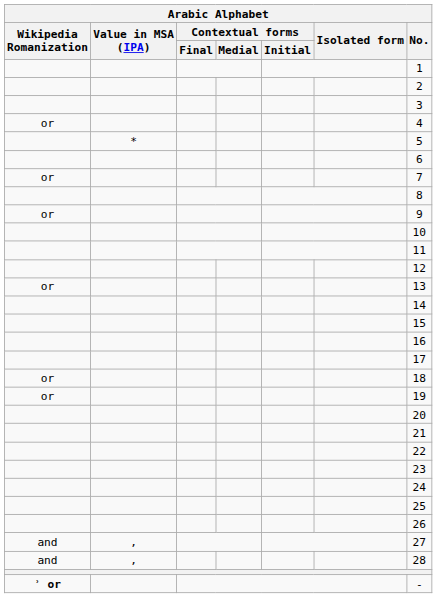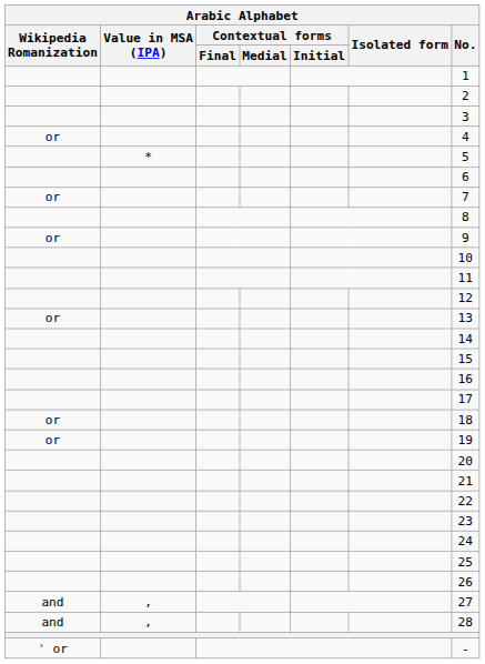 <table class="wikitable" style="text-align:center;">
 <tr>
 <th colspan="7">Arabic Alphabet</th>
 </tr>
 <tr>
 <th rowspan="2">Wikipedia<br>Romanization</th>
 <th rowspan="2">Value in MSA<br>(<a href='#'>IPA</a>)</th>
 <th colspan="3">Contextual forms</th>
 <th rowspan="2">Isolated form</th>
 <th rowspan="2">No.</th>
 </tr>
 <tr>
 <th>Final</th>
 <th>Medial</th>
 <th>Initial</th>
 </tr>
 <tr>
 <td></td>
 <td></td>
 <td colspan="2"></td>
 <td colspan="2"></td>
 <td data-sort-value="01.">1</td>
 </tr>
 <tr>
 <td></td>
 <td></td>
 <td></td>
 <td></td>
 <td></td>
 <td></td>
 <td data-sort-value="02.">2</td>
 </tr>
 <tr>
 <td></td>
 <td></td>
 <td></td>
 <td></td>
 <td></td>
 <td></td>
 <td data-sort-value="03.">3</td>
 </tr>
 <tr>
 <td> or </td>
 <td></td>
 <td></td>
 <td></td>
 <td></td>
 <td></td>
 <td data-sort-value="04.">4</td>
 </tr>
 <tr>
 <td></td>
 <td>*</td>
 <td></td>
 <td></td>
 <td></td>
 <td></td>
 <td data-sort-value="05.">5</td>
 </tr>
 <tr>
 <td></td>
 <td></td>
 <td></td>
 <td></td>
 <td></td>
 <td></td>
 <td data-sort-value="06.">6</td>
 </tr>
 <tr>
 <td> or </td>
 <td></td>
 <td></td>
 <td></td>
 <td></td>
 <td></td>
 <td data-sort-value="07.">7</td>
 </tr>
 <tr>
 <td></td>
 <td></td>
 <td colspan="2"></td>
 <td colspan="2"></td>
 <td data-sort-value="08.">8</td>
 </tr>
 <tr>
 <td> or </td>
 <td></td>
 <td colspan="2"></td>
 <td colspan="2"></td>
 <td data-sort-value="09.">9</td>
 </tr>
 <tr>
 <td></td>
 <td></td>
 <td colspan="2"></td>
 <td colspan="2"></td>
 <td>10</td>
 </tr>
 <tr>
 <td></td>
 <td></td>
 <td colspan="2"></td>
 <td colspan="2"></td>
 <td>11</td>
 </tr>
 <tr>
 <td></td>
 <td></td>
 <td></td>
 <td></td>
 <td></td>
 <td></td>
 <td>12</td>
 </tr>
 <tr>
 <td> or </td>
 <td></td>
 <td></td>
 <td></td>
 <td></td>
 <td></td>
 <td>13</td>
 </tr>
 <tr>
 <td></td>
 <td></td>
 <td></td>
 <td></td>
 <td></td>
 <td></td>
 <td>14</td>
 </tr>
 <tr>
 <td></td>
 <td></td>
 <td></td>
 <td></td>
 <td></td>
 <td></td>
 <td>15</td>
 </tr>
 <tr>
 <td></td>
 <td></td>
 <td></td>
 <td></td>
 <td></td>
 <td></td>
 <td>16</td>
 </tr>
 <tr>
 <td></td>
 <td></td>
 <td></td>
 <td></td>
 <td></td>
 <td></td>
 <td>17</td>
 </tr>
 <tr>
 <td>  or </td>
 <td></td>
 <td></td>
 <td></td>
 <td></td>
 <td></td>
 <td>18</td>
 </tr>
 <tr>
 <td> or </td>
 <td></td>
 <td></td>
 <td></td>
 <td></td>
 <td></td>
 <td>19</td>
 </tr>
 <tr>
 <td></td>
 <td></td>
 <td></td>
 <td></td>
 <td></td>
 <td></td>
 <td>20</td>
 </tr>
 <tr>
 <td></td>
 <td></td>
 <td></td>
 <td></td>
 <td></td>
 <td></td>
 <td>21</td>
 </tr>
 <tr>
 <td></td>
 <td></td>
 <td></td>
 <td></td>
 <td></td>
 <td></td>
 <td>22</td>
 </tr>
 <tr>
 <td></td>
 <td></td>
 <td></td>
 <td></td>
 <td></td>
 <td></td>
 <td>23</td>
 </tr>
 <tr>
 <td></td>
 <td></td>
 <td></td>
 <td></td>
 <td></td>
 <td></td>
 <td>24</td>
 </tr>
 <tr>
 <td></td>
 <td></td>
 <td></td>
 <td></td>
 <td></td>
 <td></td>
 <td>25</td>
 </tr>
 <tr>
 <td></td>
 <td></td>
 <td></td>
 <td></td>
 <td></td>
 <td></td>
 <td>26</td>
 </tr>
 <tr>
 <td> and </td>
 <td>, </td>
 <td colspan="2"></td>
 <td colspan="2"></td>
 <td>27</td>
 </tr>
 <tr>
 <td> and </td>
 <td>, </td>
 <td></td>
 <td></td>
 <td></td>
 <td></td>
 <td>28</td>
 </tr>
 <tr>
 <th colspan="7"></th>
 </tr>
 <tr>
-<td><strong>ʾ or </strong></td>
+<td>ʾ or </td>
 <td></td>
 <td colspan="4"></td>
 <td>-</td>
 </tr>
 </table>
